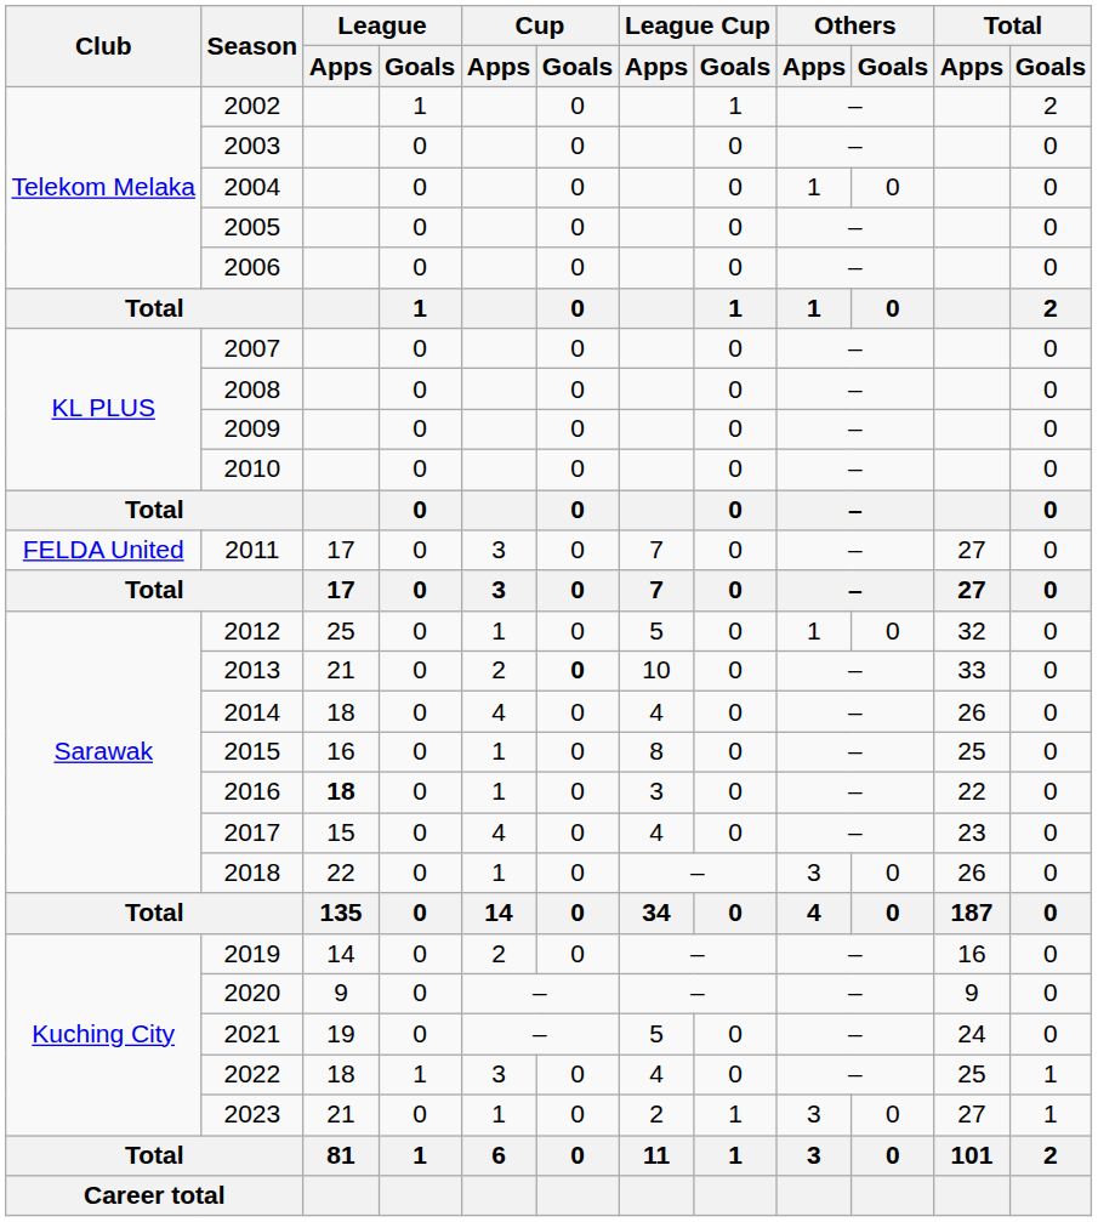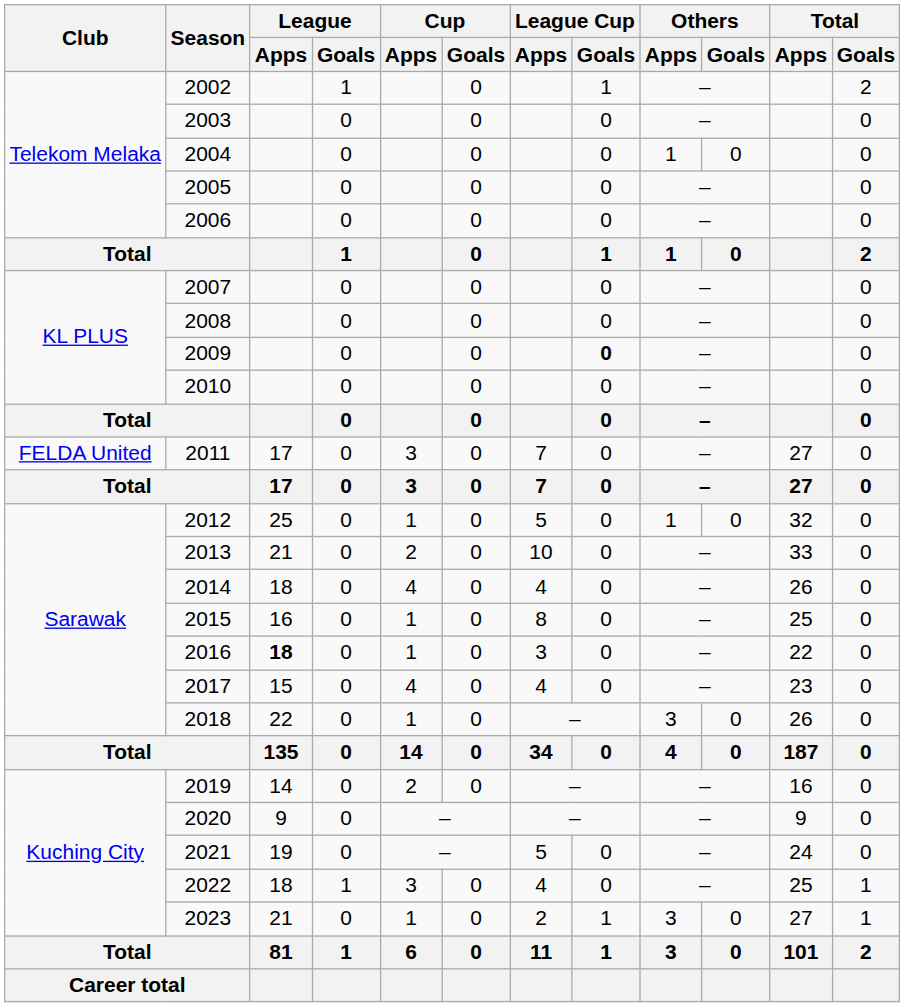 <table class="wikitable" style="text-align: center;">
 <tr>
 <th rowspan="2">Club</th>
 <th rowspan="2">Season</th>
 <th colspan="2">League</th>
 <th colspan="2">Cup</th>
 <th colspan="2">League Cup</th>
 <th colspan="2">Others</th>
 <th colspan="2">Total</th>
 </tr>
 <tr>
 <th>Apps</th>
 <th>Goals</th>
 <th>Apps</th>
 <th>Goals</th>
 <th>Apps</th>
 <th>Goals</th>
 <th>Apps</th>
 <th>Goals</th>
 <th>Apps</th>
 <th>Goals</th>
 </tr>
 <tr>
 <td rowspan="5" valign="center"><a href='#'>Telekom Melaka</a></td>
 <td>2002</td>
 <td></td>
 <td>1</td>
 <td></td>
 <td>0</td>
 <td></td>
 <td>1</td>
 <td colspan=2>–</td>
 <td></td>
 <td>2</td>
 </tr>
 <tr>
 <td>2003</td>
 <td></td>
 <td>0</td>
 <td></td>
 <td>0</td>
 <td></td>
 <td>0</td>
 <td colspan=2>–</td>
 <td></td>
 <td>0</td>
 </tr>
 <tr>
 <td>2004</td>
 <td></td>
 <td>0</td>
 <td></td>
 <td>0</td>
 <td></td>
 <td>0</td>
 <td>1</td>
 <td>0</td>
 <td></td>
 <td>0</td>
 </tr>
 <tr>
 <td>2005</td>
 <td></td>
 <td>0</td>
 <td></td>
 <td>0</td>
 <td></td>
 <td>0</td>
 <td colspan=2>–</td>
 <td></td>
 <td>0</td>
 </tr>
 <tr>
 <td>2006</td>
 <td></td>
 <td>0</td>
 <td></td>
 <td>0</td>
 <td></td>
 <td>0</td>
 <td colspan=2>–</td>
 <td></td>
 <td>0</td>
 </tr>
 <tr>
 <th colspan=2>Total</th>
 <th></th>
 <th>1</th>
 <th></th>
 <th>0</th>
 <th></th>
 <th>1</th>
 <th>1</th>
 <th>0</th>
 <th></th>
 <th>2</th>
 </tr>
 <tr>
 <td rowspan="4" valign="center"><a href='#'>KL PLUS</a></td>
 <td>2007</td>
 <td></td>
 <td>0</td>
 <td></td>
 <td>0</td>
 <td></td>
 <td>0</td>
 <td colspan=2>–</td>
 <td></td>
 <td>0</td>
 </tr>
 <tr>
 <td>2008</td>
 <td></td>
 <td>0</td>
 <td></td>
 <td>0</td>
 <td></td>
 <td>0</td>
 <td colspan=2>–</td>
 <td></td>
 <td>0</td>
 </tr>
 <tr>
 <td>2009</td>
 <td></td>
 <td>0</td>
 <td></td>
 <td>0</td>
 <td></td>
-<td>0</td>
+<td><strong>0</strong></td>
 <td colspan=2>–</td>
 <td></td>
 <td>0</td>
 </tr>
 <tr>
 <td>2010</td>
 <td></td>
 <td>0</td>
 <td></td>
 <td>0</td>
 <td></td>
 <td>0</td>
 <td colspan=2>–</td>
 <td></td>
 <td>0</td>
 </tr>
 <tr>
 <th colspan=2>Total</th>
 <th></th>
 <th>0</th>
 <th></th>
 <th>0</th>
 <th></th>
 <th>0</th>
 <th colspan=2>–</th>
 <th></th>
 <th>0</th>
 </tr>
 <tr>
 <td rowspan="1" valign="center"><a href='#'>FELDA United</a></td>
 <td>2011</td>
 <td>17</td>
 <td>0</td>
 <td>3</td>
 <td>0</td>
 <td>7</td>
 <td>0</td>
 <td colspan=2>–</td>
 <td>27</td>
 <td>0</td>
 </tr>
 <tr>
 <th colspan=2>Total</th>
 <th>17</th>
 <th>0</th>
 <th>3</th>
 <th>0</th>
 <th>7</th>
 <th>0</th>
 <th colspan=2>–</th>
 <th>27</th>
 <th>0</th>
 </tr>
 <tr>
 <td rowspan="7" valign="center"><a href='#'>Sarawak</a></td>
 <td>2012</td>
 <td>25</td>
 <td>0</td>
 <td>1</td>
 <td>0</td>
 <td>5</td>
 <td>0</td>
 <td>1</td>
 <td>0</td>
 <td>32</td>
 <td>0</td>
 </tr>
 <tr>
 <td>2013</td>
 <td>21</td>
 <td>0</td>
 <td>2</td>
-<td><strong>0</strong></td>
+<td>0</td>
 <td>10</td>
 <td>0</td>
 <td colspan=2>–</td>
 <td>33</td>
 <td>0</td>
 </tr>
 <tr>
 <td>2014</td>
 <td>18</td>
 <td>0</td>
 <td>4</td>
 <td>0</td>
 <td>4</td>
 <td>0</td>
 <td colspan=2>–</td>
 <td>26</td>
 <td>0</td>
 </tr>
 <tr>
 <td>2015</td>
 <td>16</td>
 <td>0</td>
 <td>1</td>
 <td>0</td>
 <td>8</td>
 <td>0</td>
 <td colspan=2>–</td>
 <td>25</td>
 <td>0</td>
 </tr>
 <tr>
 <td>2016</td>
 <td><strong>18</strong></td>
 <td>0</td>
 <td>1</td>
 <td>0</td>
 <td>3</td>
 <td>0</td>
 <td colspan=2>–</td>
 <td>22</td>
 <td>0</td>
 </tr>
 <tr>
 <td>2017</td>
 <td>15</td>
 <td>0</td>
 <td>4</td>
 <td>0</td>
 <td>4</td>
 <td>0</td>
 <td colspan=2>–</td>
 <td>23</td>
 <td>0</td>
 </tr>
 <tr>
 <td>2018</td>
 <td>22</td>
 <td>0</td>
 <td>1</td>
 <td>0</td>
 <td colspan=2>–</td>
 <td>3</td>
 <td>0</td>
 <td>26</td>
 <td>0</td>
 </tr>
 <tr>
 <th colspan=2>Total</th>
 <th>135</th>
 <th>0</th>
 <th>14</th>
 <th>0</th>
 <th>34</th>
 <th>0</th>
 <th>4</th>
 <th>0</th>
 <th>187</th>
 <th>0</th>
 </tr>
 <tr>
 <td rowspan="5" valign="center"><a href='#'>Kuching City</a></td>
 <td>2019</td>
 <td>14</td>
 <td>0</td>
 <td>2</td>
 <td>0</td>
 <td colspan=2>–</td>
 <td colspan=2>–</td>
 <td>16</td>
 <td>0</td>
 </tr>
 <tr>
 <td>2020</td>
 <td>9</td>
 <td>0</td>
 <td colspan=2>–</td>
 <td colspan=2>–</td>
 <td colspan=2>–</td>
 <td>9</td>
 <td>0</td>
 </tr>
 <tr>
 <td>2021</td>
 <td>19</td>
 <td>0</td>
 <td colspan=2>–</td>
 <td>5</td>
 <td>0</td>
 <td colspan=2>–</td>
 <td>24</td>
 <td>0</td>
 </tr>
 <tr>
 <td>2022</td>
 <td>18</td>
 <td>1</td>
 <td>3</td>
 <td>0</td>
 <td>4</td>
 <td>0</td>
 <td colspan=2>–</td>
 <td>25</td>
 <td>1</td>
 </tr>
 <tr>
 <td>2023</td>
 <td>21</td>
 <td>0</td>
 <td>1</td>
 <td>0</td>
 <td>2</td>
 <td>1</td>
 <td>3</td>
 <td>0</td>
 <td>27</td>
 <td>1</td>
 </tr>
 <tr>
 <th colspan=2>Total</th>
 <th>81</th>
 <th>1</th>
 <th>6</th>
 <th>0</th>
 <th>11</th>
 <th>1</th>
 <th>3</th>
 <th>0</th>
 <th>101</th>
 <th>2</th>
 </tr>
 <tr>
 <th colspan=2>Career total</th>
 <th></th>
 <th></th>
 <th></th>
 <th></th>
 <th></th>
 <th></th>
 <th></th>
 <th></th>
 <th></th>
 <th></th>
 </tr>
 </table>
